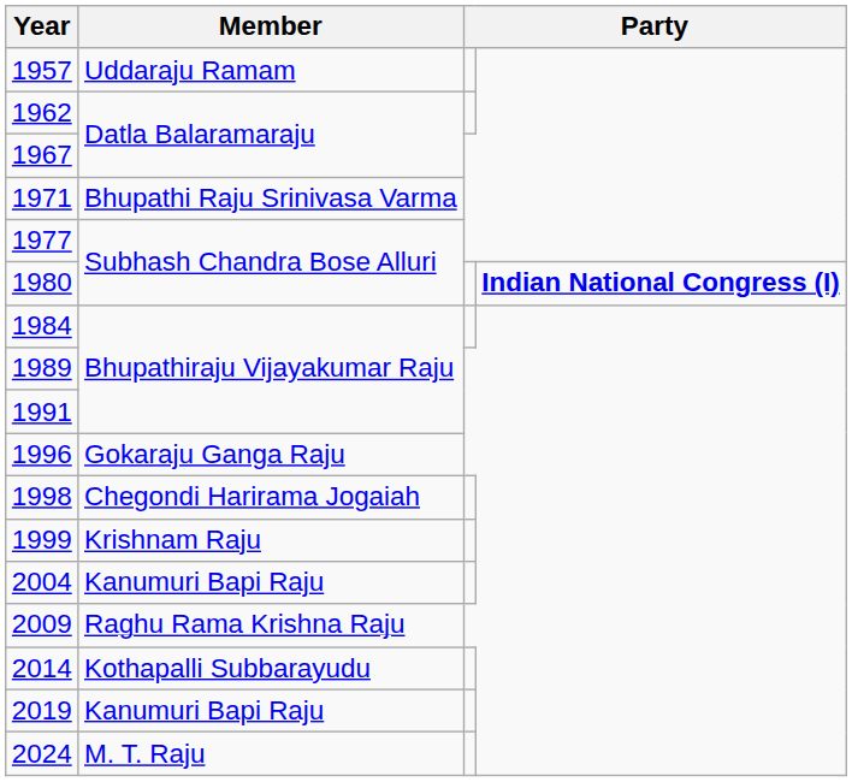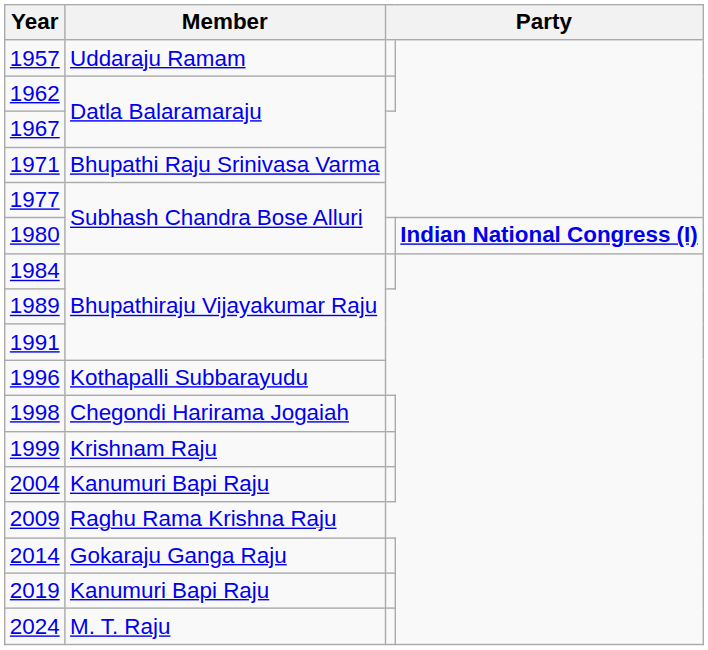 <table class="wikitable sortable">
 <tr>
 <th>Year</th>
 <th>Member</th>
 <th colspan="2">Party</th>
 </tr>
 <tr>
 <td><a href='#'>1957</a></td>
 <td><a href='#'>Uddaraju Ramam</a></td>
 <td></td>
 </tr>
 <tr>
 <td><a href='#'>1962</a></td>
 <td rowspan="2"><a href='#'>Datla Balaramaraju</a></td>
 <td></td>
 </tr>
 <tr>
 <td><a href='#'>1967</a></td>
 </tr>
 <tr>
 <td><a href='#'>1971</a></td>
 <td><a href='#'>Bhupathi Raju Srinivasa Varma</a></td>
 </tr>
 <tr>
 <td><a href='#'>1977</a></td>
 <td rowspan="2"><a href='#'>Subhash Chandra Bose Alluri</a></td>
 </tr>
 <tr>
 <td><a href='#'>1980</a></td>
 <td style="background-color: "></td>
 <td><strong><a href='#'>Indian National Congress (I)</a></strong></td>
 </tr>
 <tr>
 <td><a href='#'>1984</a></td>
 <td rowspan="3"><a href='#'>Bhupathiraju Vijayakumar Raju</a></td>
 <td></td>
 </tr>
 <tr>
 <td><a href='#'>1989</a></td>
 </tr>
 <tr>
 <td><a href='#'>1991</a></td>
 </tr>
 <tr>
 <td><a href='#'>1996</a></td>
-<td><a href='#'>Gokaraju Ganga Raju</a></td>
+<td><a href='#'>Kothapalli Subbarayudu</a></td>
 </tr>
 <tr>
 <td><a href='#'>1998</a></td>
 <td><a href='#'>Chegondi Harirama Jogaiah</a></td>
 <td></td>
 </tr>
 <tr>
 <td><a href='#'>1999</a></td>
 <td><a href='#'>Krishnam Raju</a></td>
 <td></td>
 </tr>
 <tr>
 <td><a href='#'>2004</a></td>
 <td><a href='#'>Kanumuri Bapi Raju</a></td>
 <td></td>
 </tr>
 <tr>
 <td><a href='#'>2009</a></td>
 <td><a href='#'>Raghu Rama Krishna Raju</a></td>
 </tr>
 <tr>
 <td><a href='#'>2014</a></td>
-<td><a href='#'>Kothapalli Subbarayudu</a></td>
+<td><a href='#'>Gokaraju Ganga Raju</a></td>
 <td></td>
 </tr>
 <tr>
 <td><a href='#'>2019</a></td>
 <td><a href='#'>Kanumuri Bapi Raju</a></td>
 <td></td>
 </tr>
 <tr>
 <td><a href='#'>2024</a></td>
 <td><a href='#'>M. T. Raju</a></td>
 <td></td>
 </tr>
 </table>
